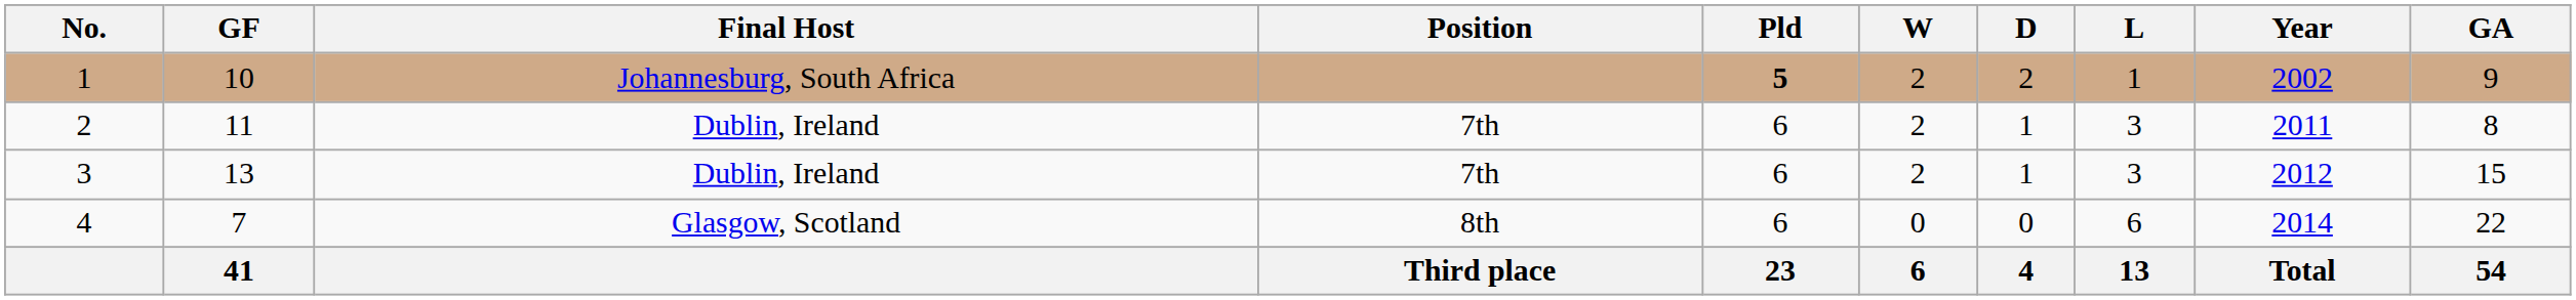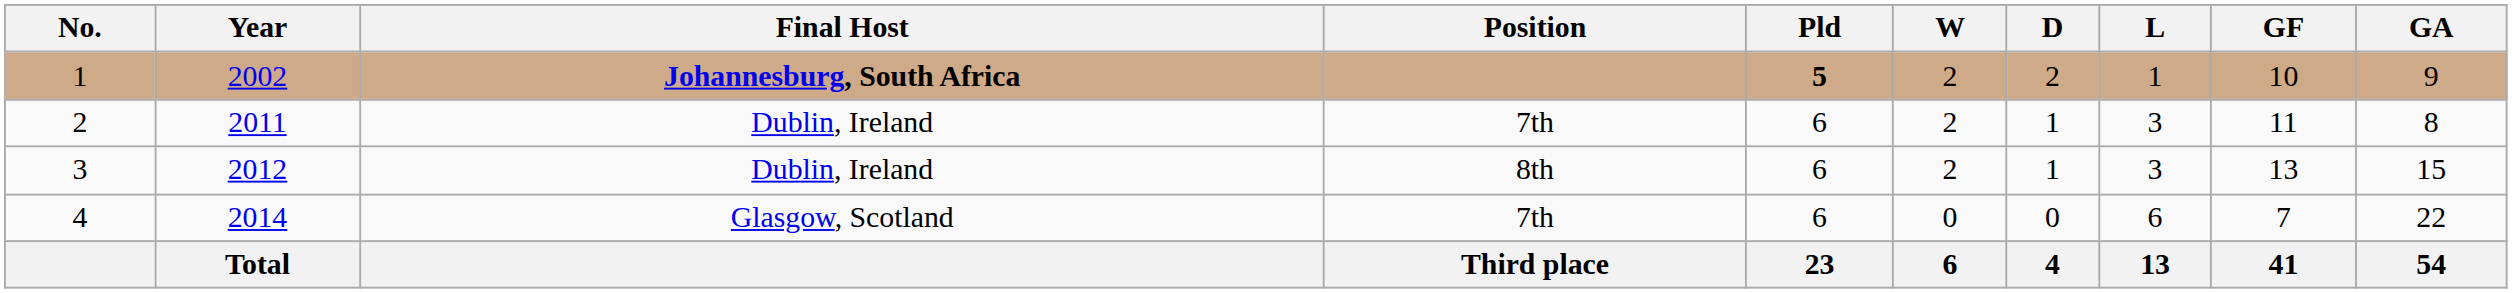 <table class="wikitable" style="text-align: center; width:85%">
 <tr>
 <th>No.</th>
-<th>GF</th>
+<th>Year</th>
 <th>Final Host</th>
 <th>Position</th>
 <th>Pld</th>
 <th>W</th>
 <th>D</th>
 <th>L</th>
-<th>Year</th>
+<th>GF</th>
 <th>GA</th>
 </tr>
 <tr bgcolor=#CFAA88>
 <td>1</td>
-<td>10</td>
-<td> <a href='#'>Johannesburg</a>, South Africa</td>
+<td><a href='#'>2002</a></td>
+<td><strong> <a href='#'>Johannesburg</a>, South Africa</strong></td>
 <td></td>
 <td><strong>5</strong></td>
 <td>2</td>
 <td>2</td>
 <td>1</td>
-<td><a href='#'>2002</a></td>
+<td>10</td>
 <td>9</td>
 </tr>
 <tr>
 <td>2</td>
-<td>11</td>
+<td><a href='#'>2011</a></td>
 <td> <a href='#'>Dublin</a>, Ireland</td>
 <td>7th</td>
 <td>6</td>
 <td>2</td>
 <td>1</td>
 <td>3</td>
-<td><a href='#'>2011</a></td>
+<td>11</td>
 <td>8</td>
 </tr>
 <tr>
 <td>3</td>
-<td>13</td>
+<td><a href='#'>2012</a></td>
 <td> <a href='#'>Dublin</a>, Ireland</td>
-<td>7th</td>
+<td>8th</td>
 <td>6</td>
 <td>2</td>
 <td>1</td>
 <td>3</td>
-<td><a href='#'>2012</a></td>
+<td>13</td>
 <td>15</td>
 </tr>
 <tr>
 <td>4</td>
-<td>7</td>
+<td><a href='#'>2014</a></td>
 <td> <a href='#'>Glasgow</a>, Scotland</td>
-<td>8th</td>
+<td>7th</td>
 <td>6</td>
 <td>0</td>
 <td>0</td>
 <td>6</td>
-<td><a href='#'>2014</a></td>
+<td>7</td>
 <td>22</td>
 </tr>
 <tr>
 <th></th>
-<th>41</th>
+<th>Total</th>
 <th></th>
 <th>Third place</th>
 <th>23</th>
 <th>6</th>
 <th>4</th>
 <th>13</th>
-<th>Total</th>
+<th>41</th>
 <th>54</th>
 </tr>
 </table>
